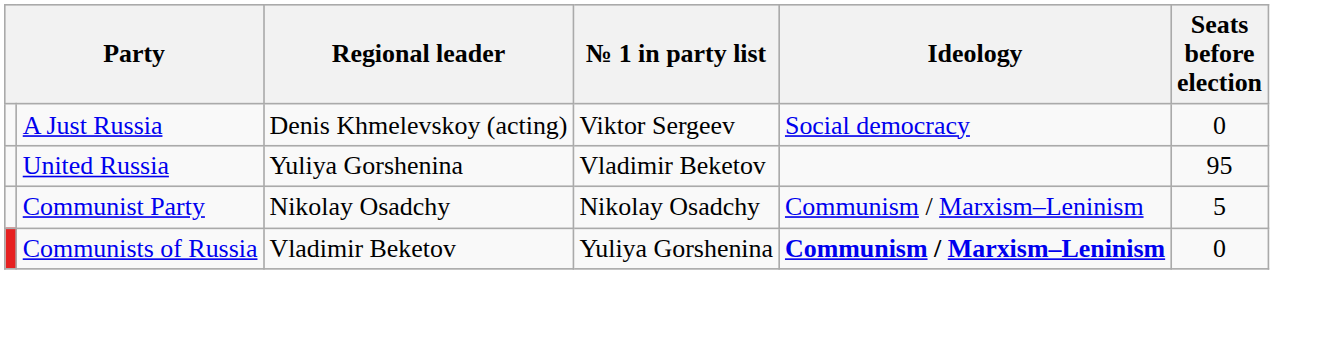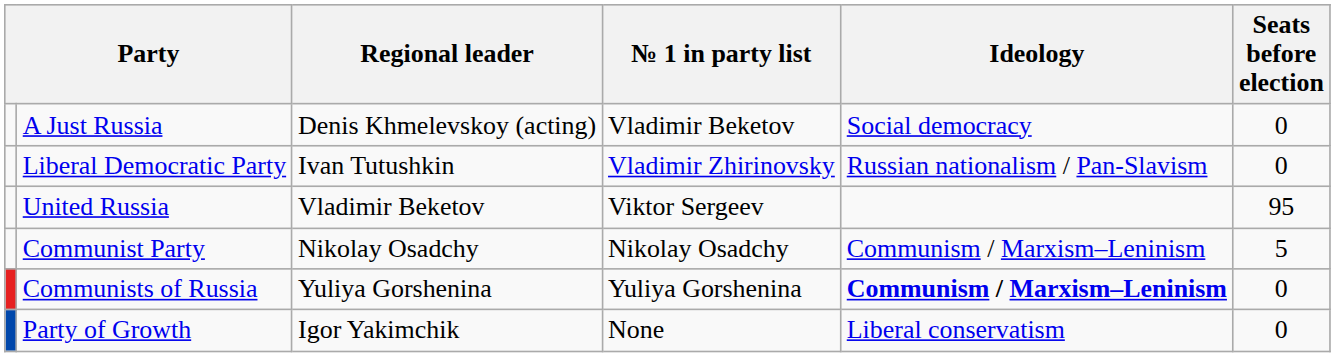 <table class="wikitable">
 <tr>
 <th style="text-align:center" colspan="2">Party</th>
 <th style="text-align:center">Regional leader</th>
 <th style="text-align:center">№ 1 in party list</th>
 <th style="text-align:center">Ideology</th>
 <th style="text-align:center">Seats<br>before<br>election</th>
 </tr>
 <tr>
 <td style="background: "></td>
 <td><a href='#'>A Just Russia</a></td>
 <td>Denis Khmelevskoy (acting)</td>
-<td>Viktor Sergeev</td>
+<td>Vladimir Beketov</td>
 <td><a href='#'>Social democracy</a></td>
 <td align=center>0</td>
 </tr>
 <tr>
 <td style="background: "></td>
+<td><a href='#'>Liberal Democratic Party</a></td>
+<td>Ivan Tutushkin</td>
+<td><a href='#'>Vladimir Zhirinovsky</a></td>
+<td><a href='#'>Russian nationalism</a> / <a href='#'>Pan-Slavism</a></td>
+<td align=center>0</td>
+</tr>
+<tr>
+<td style="background: "></td>
 <td><a href='#'>United Russia</a></td>
-<td>Yuliya Gorshenina</td>
 <td>Vladimir Beketov</td>
+<td>Viktor Sergeev</td>
 <td></td>
 <td align=center>95</td>
 </tr>
 <tr>
 <td style="background: "></td>
 <td><a href='#'>Communist Party</a></td>
 <td>Nikolay Osadchy</td>
 <td>Nikolay Osadchy</td>
 <td><a href='#'>Communism</a> / <a href='#'>Marxism–Leninism</a></td>
 <td align=center>5</td>
 </tr>
 <tr>
 <td bgcolor=#e62020></td>
 <td><a href='#'>Communists of Russia</a></td>
-<td>Vladimir Beketov</td>
+<td>Yuliya Gorshenina</td>
 <td>Yuliya Gorshenina</td>
 <td><strong><a href='#'>Communism</a> / <a href='#'>Marxism–Leninism</a></strong></td>
 <td align=center>0</td>
 </tr>
+<tr>
+<td bgcolor=#0047AB></td>
+<td><a href='#'>Party of Growth</a></td>
+<td>Igor Yakimchik</td>
+<td>None</td>
+<td><a href='#'>Liberal conservatism</a></td>
+<td align=center>0</td>
+</tr>
 </table>
